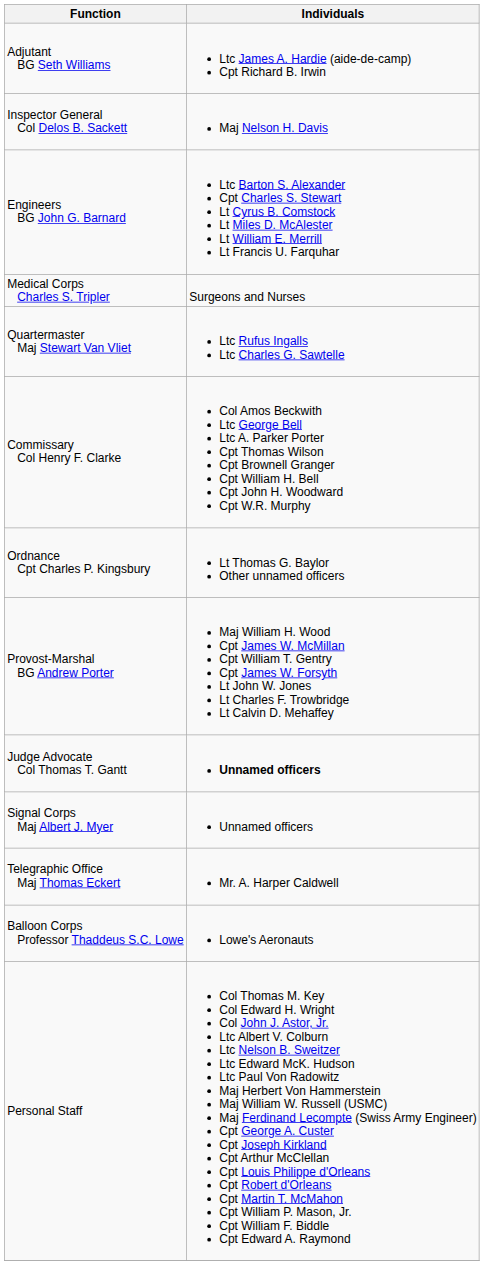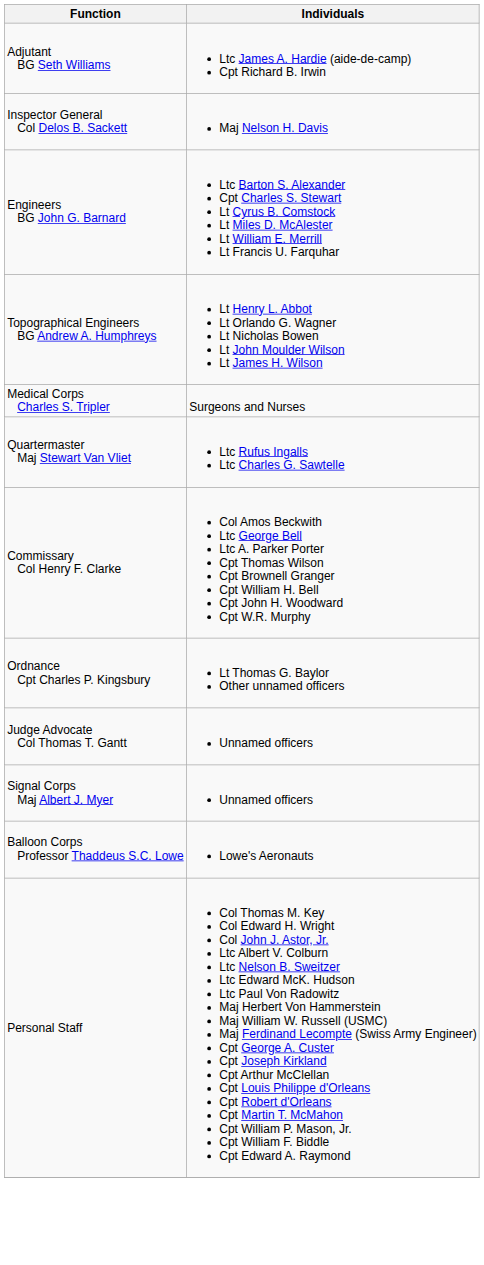 <table class="wikitable">
 <tr>
 <th>Function</th>
 <th>Individuals</th>
 </tr>
 <tr>
 <td>Adjutant<br>   BG <a href='#'>Seth Williams</a></td>
 <td><br><ul><li>Ltc <a href='#'>James A. Hardie</a> (aide-de-camp)</li><li>Cpt Richard B. Irwin</li></ul></td>
 </tr>
 <tr>
 <td>Inspector General<br>   Col <a href='#'>Delos B. Sackett</a></td>
 <td><br><ul><li>Maj <a href='#'>Nelson H. Davis</a></li></ul></td>
 </tr>
 <tr>
 <td>Engineers<br>   BG <a href='#'>John G. Barnard</a></td>
 <td><br><ul><li>Ltc <a href='#'>Barton S. Alexander</a></li><li>Cpt <a href='#'>Charles S. Stewart</a></li><li>Lt <a href='#'>Cyrus B. Comstock</a></li><li>Lt <a href='#'>Miles D. McAlester</a></li><li>Lt <a href='#'>William E. Merrill</a></li><li>Lt Francis U. Farquhar</li></ul></td>
 </tr>
 <tr>
+<td>Topographical Engineers<br>   BG <a href='#'>Andrew A. Humphreys</a></td>
+<td><br><ul><li>Lt <a href='#'>Henry L. Abbot</a></li><li>Lt Orlando G. Wagner</li><li>Lt Nicholas Bowen</li><li>Lt <a href='#'>John Moulder Wilson</a></li><li>Lt <a href='#'>James H. Wilson</a></li></ul></td>
+</tr>
+<tr>
 <td>Medical Corps<br>   <a href='#'>Charles S. Tripler</a></td>
 <td><br>Surgeons and Nurses</td>
 </tr>
 <tr>
 <td>Quartermaster<br>   Maj <a href='#'>Stewart Van Vliet</a></td>
 <td><br><ul><li>Ltc <a href='#'>Rufus Ingalls</a></li><li>Ltc <a href='#'>Charles G. Sawtelle</a></li></ul></td>
 </tr>
 <tr>
 <td>Commissary<br>   Col Henry F. Clarke</td>
 <td><br><ul><li>Col Amos Beckwith</li><li>Ltc <a href='#'>George Bell</a></li><li>Ltc A. Parker Porter</li><li>Cpt Thomas Wilson</li><li>Cpt Brownell Granger</li><li>Cpt William H. Bell</li><li>Cpt John H. Woodward</li><li>Cpt W.R. Murphy</li></ul></td>
 </tr>
 <tr>
 <td>Ordnance<br>   Cpt Charles P. Kingsbury</td>
 <td><br><ul><li>Lt Thomas G. Baylor</li><li>Other unnamed officers</li></ul></td>
 </tr>
 <tr>
-<td>Provost-Marshal<br>   BG <a href='#'>Andrew Porter</a></td>
-<td><br><ul><li>Maj William H. Wood</li><li>Cpt <a href='#'>James W. McMillan</a></li><li>Cpt William T. Gentry</li><li>Cpt <a href='#'>James W. Forsyth</a></li><li>Lt John W. Jones</li><li>Lt Charles F. Trowbridge</li><li>Lt Calvin D. Mehaffey</li></ul></td>
-</tr>
-<tr>
 <td>Judge Advocate<br>   Col Thomas T. Gantt</td>
-<td><strong><br><ul><li>Unnamed officers</li></ul></strong></td>
+<td><br><ul><li>Unnamed officers</li></ul></td>
 </tr>
 <tr>
 <td>Signal Corps<br>   Maj <a href='#'>Albert J. Myer</a></td>
 <td><br><ul><li>Unnamed officers</li></ul></td>
-</tr>
-<tr>
-<td>Telegraphic Office<br>   Maj <a href='#'>Thomas Eckert</a></td>
-<td><br><ul><li>Mr. A. Harper Caldwell</li></ul></td>
 </tr>
 <tr>
 <td>Balloon Corps<br>   Professor <a href='#'>Thaddeus S.C. Lowe</a></td>
 <td><br><ul><li>Lowe's Aeronauts</li></ul></td>
 </tr>
 <tr>
 <td>Personal Staff</td>
 <td><br><ul><li>Col Thomas M. Key</li><li>Col Edward H. Wright</li><li>Col <a href='#'>John J. Astor, Jr.</a></li><li>Ltc Albert V. Colburn</li><li>Ltc <a href='#'>Nelson B. Sweitzer</a></li><li>Ltc Edward McK. Hudson</li><li>Ltc Paul Von Radowitz</li><li>Maj Herbert Von Hammerstein</li><li>Maj William W. Russell (USMC)</li><li>Maj <a href='#'>Ferdinand Lecompte</a> (Swiss Army Engineer)</li><li>Cpt <a href='#'>George A. Custer</a></li><li>Cpt <a href='#'>Joseph Kirkland</a></li><li>Cpt Arthur McClellan</li><li>Cpt <a href='#'>Louis Philippe d'Orleans</a></li><li>Cpt <a href='#'>Robert d'Orleans</a></li><li>Cpt <a href='#'>Martin T. McMahon</a></li><li>Cpt William P. Mason, Jr.</li><li>Cpt William F. Biddle</li><li>Cpt Edward A. Raymond</li></ul></td>
 </tr>
 <tr>
 </tr>
 </table>
